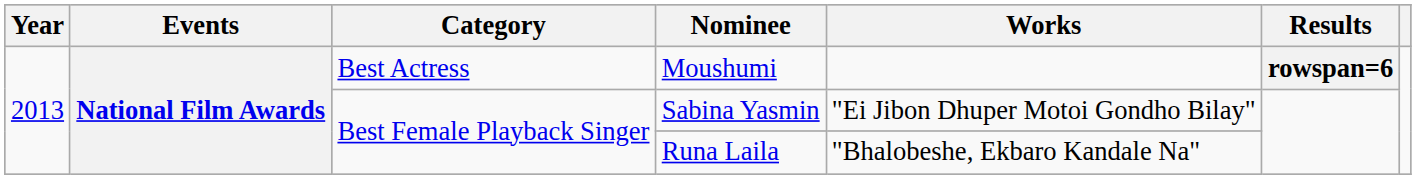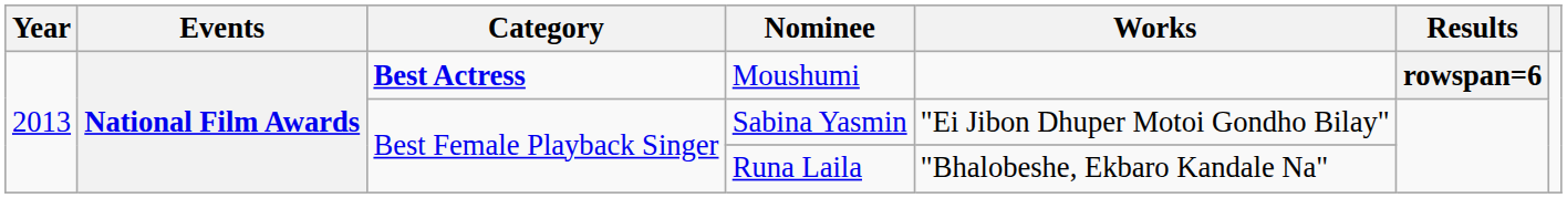 <table class="wikitable">
 <tr>
 <th>Year</th>
 <th>Events</th>
 <th>Category</th>
 <th>Nominee</th>
 <th>Works</th>
 <th>Results</th>
 <th></th>
 </tr>
 <tr>
 <td rowspan="3"><a href='#'>2013</a></td>
 <th rowspan="3"><a href='#'>National Film Awards</a></th>
-<td><a href='#'>Best Actress</a></td>
+<td><strong><a href='#'>Best Actress</a></strong></td>
 <td><a href='#'>Moushumi</a></td>
 <td></td>
 <th>rowspan=6 </th>
 <td rowspan="3"><br><br></td>
 </tr>
 <tr>
 <td rowspan="2"><a href='#'>Best Female Playback Singer</a></td>
 <td><a href='#'>Sabina Yasmin</a></td>
 <td>"Ei Jibon Dhuper Motoi Gondho Bilay"</td>
 </tr>
 <tr>
 <td><a href='#'>Runa Laila</a></td>
 <td>"Bhalobeshe, Ekbaro Kandale Na"</td>
 </tr>
 </table>
